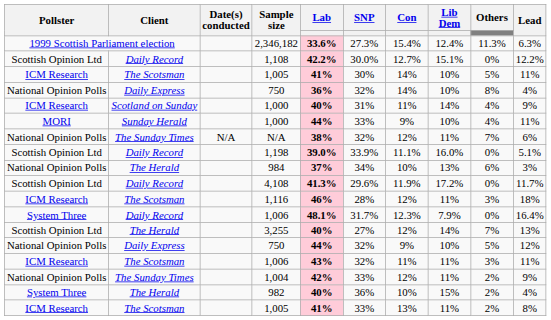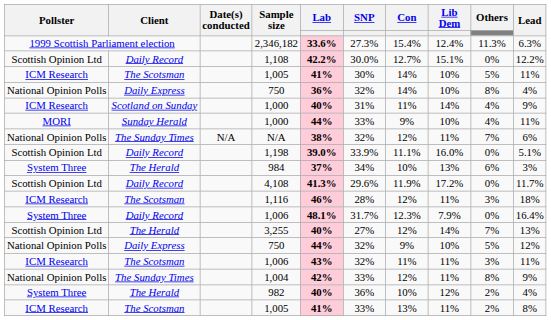 <table class="wikitable sortable mw-datatable" style="text-align:center;font-size:90%;line-height:14px;">
 <tr>
 <th rowspan="2">Pollster</th>
 <th rowspan="2">Client</th>
 <th rowspan="2" data-sort-type="number">Date(s)<br>conducted</th>
 <th rowspan="2">Sample<br>size</th>
 <th class="unsortable" style="width:50px;"><a href='#'>Lab</a></th>
 <th class="unsortable" style="width:50px;"><a href='#'>SNP</a></th>
 <th class="unsortable" style="width:50px;"><a href='#'>Con</a></th>
 <th class="unsortable" style="width:50px;"><a href='#'>Lib Dem</a></th>
 <th class="unsortable" style="width:50px;">Others</th>
 <th rowspan="2" data-sort-type="number">Lead</th>
 </tr>
 <tr>
 <th data-sort-type="number" style="background:"></th>
 <th data-sort-type="number" style="background:"></th>
 <th data-sort-type="number" style="background:"></th>
 <th data-sort-type="number" style="background:"></th>
 <th data-sort-type="number" style="background:Grey;"></th>
 </tr>
 <tr>
 <td colspan="2"><a href='#'>1999 Scottish Parliament election</a></td>
 <td></td>
 <td>2,346,182</td>
 <td style="background:#FFCCD9"><strong>33.6%</strong></td>
 <td>27.3%</td>
 <td>15.4%</td>
 <td>12.4%</td>
 <td>11.3%</td>
 <td style="background:">6.3%</td>
 </tr>
 <tr>
 <td>Scottish Opinion Ltd</td>
 <td><em><a href='#'>Daily Record</a></em></td>
 <td></td>
 <td>1,108</td>
 <td style="background:#FFCCD9"><strong>42.2%</strong></td>
 <td>30.0%</td>
 <td>12.7%</td>
 <td>15.1%</td>
 <td>0%</td>
 <td style="background:">12.2%</td>
 </tr>
 <tr>
 <td><a href='#'>ICM Research</a></td>
 <td><em><a href='#'>The Scotsman</a></em></td>
 <td></td>
 <td>1,005</td>
 <td style="background:#FFCCD9"><strong>41%</strong></td>
 <td>30%</td>
 <td>14%</td>
 <td>10%</td>
 <td>5%</td>
 <td style="background:">11%</td>
 </tr>
 <tr>
 <td>National Opinion Polls</td>
 <td><em><a href='#'>Daily Express</a></em></td>
 <td></td>
 <td>750</td>
 <td style="background:#FFCCD9"><strong>36%</strong></td>
 <td>32%</td>
 <td>14%</td>
 <td>10%</td>
 <td>8%</td>
 <td style="background:">4%</td>
 </tr>
 <tr>
 <td><a href='#'>ICM Research</a></td>
 <td><em><a href='#'>Scotland on Sunday</a></em></td>
 <td></td>
 <td>1,000</td>
 <td style="background:#FFCCD9"><strong>40%</strong></td>
 <td>31%</td>
 <td>11%</td>
 <td>14%</td>
 <td>4%</td>
 <td style="background:">9%</td>
 </tr>
 <tr>
 <td><a href='#'>MORI</a></td>
 <td><em><a href='#'>Sunday Herald</a></em></td>
 <td></td>
 <td>1,000</td>
 <td style="background:#FFCCD9"><strong>44%</strong></td>
 <td>33%</td>
 <td>9%</td>
 <td>10%</td>
 <td>4%</td>
 <td style="background:">11%</td>
 </tr>
 <tr>
 <td>National Opinion Polls</td>
 <td><em><a href='#'>The Sunday Times</a></em></td>
 <td>N/A</td>
 <td>N/A</td>
 <td style="background:#FFCCD9"><strong>38%</strong></td>
 <td>32%</td>
 <td>12%</td>
 <td>11%</td>
 <td>7%</td>
 <td style="background:">6%</td>
 </tr>
 <tr>
 <td>Scottish Opinion Ltd</td>
 <td><em><a href='#'>Daily Record</a></em></td>
 <td></td>
 <td>1,198</td>
 <td style="background:#FFCCD9"><strong>39.0%</strong></td>
 <td>33.9%</td>
 <td>11.1%</td>
 <td>16.0%</td>
 <td>0%</td>
 <td style="background:">5.1%</td>
 </tr>
 <tr>
-<td>National Opinion Polls</td>
+<td><a href='#'>System Three</a></td>
 <td><em><a href='#'>The Herald</a></em></td>
 <td></td>
 <td>984</td>
 <td style="background:#FFCCD9"><strong>37%</strong></td>
 <td>34%</td>
 <td>10%</td>
 <td>13%</td>
 <td>6%</td>
 <td style="background:">3%</td>
 </tr>
 <tr>
 <td>Scottish Opinion Ltd</td>
 <td><em><a href='#'>Daily Record</a></em></td>
 <td></td>
 <td>4,108</td>
 <td style="background:#FFCCD9"><strong>41.3%</strong></td>
 <td>29.6%</td>
 <td>11.9%</td>
 <td>17.2%</td>
 <td>0%</td>
 <td style="background:">11.7%</td>
 </tr>
 <tr>
 <td><a href='#'>ICM Research</a></td>
 <td><em><a href='#'>The Scotsman</a></em></td>
 <td></td>
 <td>1,116</td>
 <td style="background:#FFCCD9"><strong>46%</strong></td>
 <td>28%</td>
 <td>12%</td>
 <td>11%</td>
 <td>3%</td>
 <td style="background:">18%</td>
 </tr>
 <tr>
 <td><a href='#'>System Three</a></td>
 <td><em><a href='#'>Daily Record</a></em></td>
 <td></td>
 <td>1,006</td>
 <td style="background:#FFCCD9"><strong>48.1%</strong></td>
 <td>31.7%</td>
 <td>12.3%</td>
 <td>7.9%</td>
 <td>0%</td>
 <td style="background:">16.4%</td>
 </tr>
 <tr>
 <td>Scottish Opinion Ltd</td>
 <td><em><a href='#'>The Herald</a></em></td>
 <td></td>
 <td>3,255</td>
 <td style="background:#FFCCD9"><strong>40%</strong></td>
 <td>27%</td>
 <td>12%</td>
 <td>14%</td>
 <td>7%</td>
 <td style="background:">13%</td>
 </tr>
 <tr>
 <td>National Opinion Polls</td>
 <td><em><a href='#'>Daily Express</a></em></td>
 <td></td>
 <td>750</td>
 <td style="background:#FFCCD9"><strong>44%</strong></td>
 <td>32%</td>
 <td>9%</td>
 <td>10%</td>
 <td>5%</td>
 <td style="background:">12%</td>
 </tr>
 <tr>
 <td><a href='#'>ICM Research</a></td>
 <td><em><a href='#'>The Scotsman</a></em></td>
 <td></td>
 <td>1,006</td>
 <td style="background:#FFCCD9"><strong>43%</strong></td>
 <td>32%</td>
 <td>11%</td>
 <td>11%</td>
 <td>3%</td>
 <td style="background:">11%</td>
 </tr>
 <tr>
 <td>National Opinion Polls</td>
 <td><em><a href='#'>The Sunday Times</a></em></td>
 <td></td>
 <td>1,004</td>
 <td style="background:#FFCCD9"><strong>42%</strong></td>
 <td>33%</td>
 <td>12%</td>
 <td>11%</td>
-<td>2%</td>
+<td>8%</td>
 <td style="background:">9%</td>
 </tr>
 <tr>
 <td><a href='#'>System Three</a></td>
 <td><em><a href='#'>The Herald</a></em></td>
 <td></td>
 <td>982</td>
 <td style="background:#FFCCD9"><strong>40%</strong></td>
 <td>36%</td>
 <td>10%</td>
-<td>15%</td>
+<td>12%</td>
 <td>2%</td>
 <td style="background:">4%</td>
 </tr>
 <tr>
 <td><a href='#'>ICM Research</a></td>
 <td><em><a href='#'>The Scotsman</a></em></td>
 <td></td>
 <td>1,005</td>
 <td style="background:#FFCCD9"><strong>41%</strong></td>
 <td>33%</td>
 <td>13%</td>
 <td>11%</td>
 <td>2%</td>
 <td style="background:">8%</td>
 </tr>
 </table>
